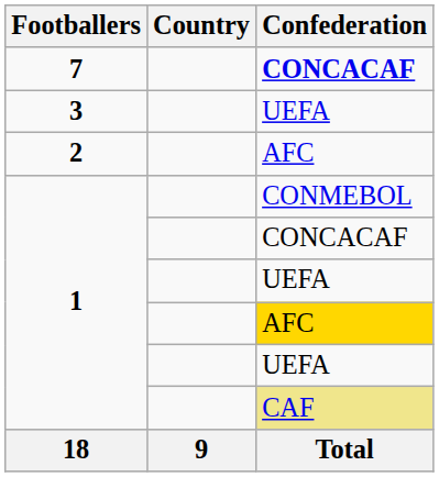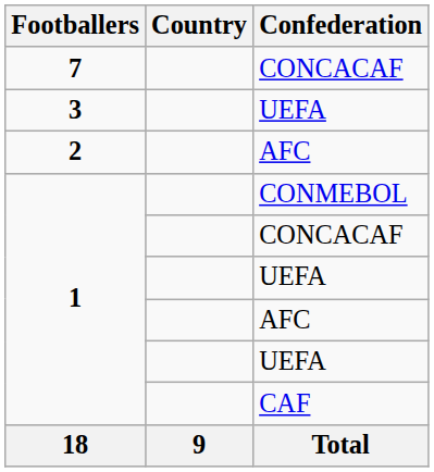 <table class="wikitable sortable">
 <tr>
 <th>Footballers</th>
 <th>Country</th>
 <th>Confederation</th>
 </tr>
 <tr>
 <td style= text-align:center><strong>7</strong></td>
 <td></td>
-<td><strong><a href='#'>CONCACAF</a></strong></td>
+<td><a href='#'>CONCACAF</a></td>
 </tr>
 <tr>
 <td style= text-align:center><strong>3</strong></td>
 <td></td>
 <td><a href='#'>UEFA</a></td>
 </tr>
 <tr>
 <td style= text-align:center><strong>2</strong></td>
 <td></td>
 <td><a href='#'>AFC</a></td>
 </tr>
 <tr>
 <td rowspan=6 style= text-align:center><strong>1</strong></td>
 <td></td>
 <td><a href='#'>CONMEBOL</a></td>
 </tr>
 <tr>
 <td></td>
 <td>CONCACAF</td>
 </tr>
 <tr>
 <td></td>
 <td>UEFA</td>
 </tr>
 <tr>
 <td></td>
-<td style="background: gold;">AFC</td>
+<td>AFC</td>
 </tr>
 <tr>
 <td></td>
 <td>UEFA</td>
 </tr>
 <tr>
 <td></td>
-<td style="background: khaki;"><a href='#'>CAF</a></td>
+<td><a href='#'>CAF</a></td>
 </tr>
 <tr>
 <th>18</th>
 <th>9</th>
 <th>Total</th>
 </tr>
 </table>
